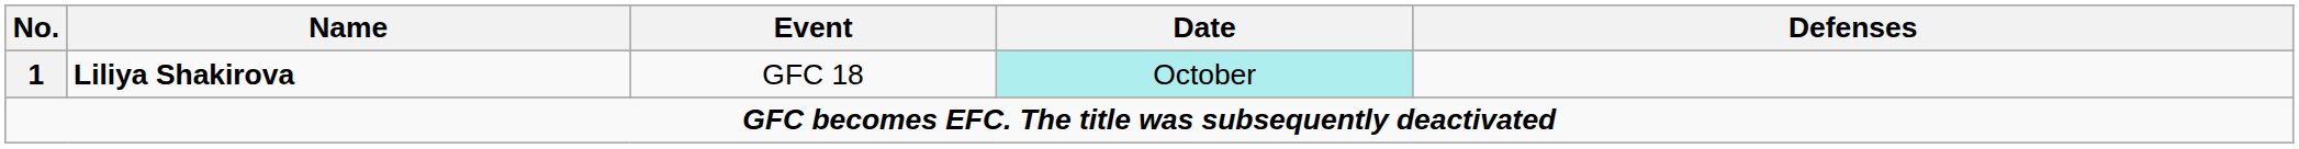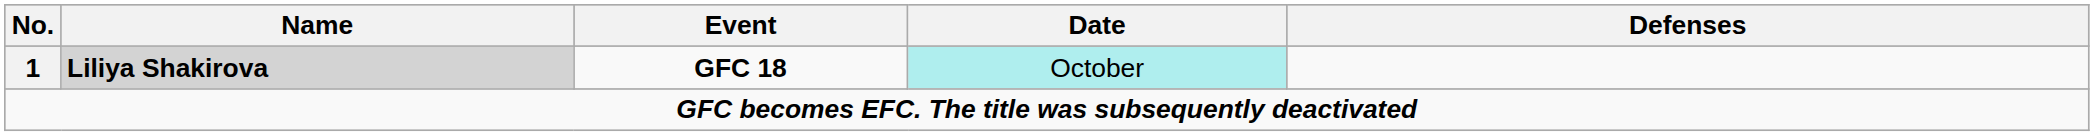 <table class="wikitable" width=100%>
 <tr>
 <th width=1%>No.</th>
 <th width=23%>Name</th>
 <th width=15%>Event</th>
 <th width=17%>Date</th>
 <th width=36%>Defenses</th>
 </tr>
 <tr>
 <th>1</th>
-<td align=left> <strong>Liliya Shakirova</strong><br></td>
-<td align=center>GFC 18<br></td>
+<td align=left style="background: lightgrey;"> <strong>Liliya Shakirova</strong><br></td>
+<td align=center><strong>GFC 18<br></strong></td>
 <td align=center style="background: paleturquoise;">October </td>
 <td></td>
 </tr>
 <tr>
 <td style="text-align:center;" colspan="5"><strong><em>GFC becomes EFC. The title was subsequently deactivated</em></strong></td>
 </tr>
 </table>
